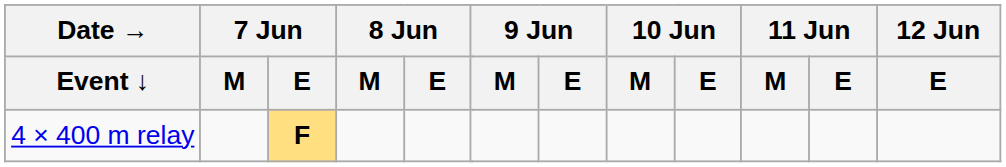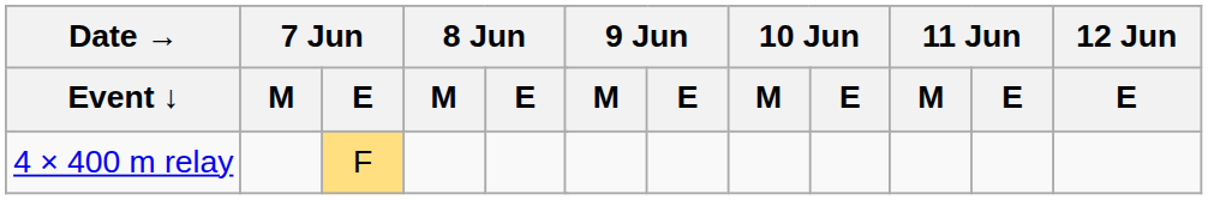 <table class="wikitable mw-datatable" style="font-size:90%; line-height:1.5em;">
 <tr align=center>
 <th>Date →</th>
 <th colspan="2" width="60px">7 Jun</th>
 <th width=60px colspan=3>8 Jun</th>
 <th width=60px colspan=3>9 Jun</th>
 <th width=60px colspan=2>10 Jun</th>
 <th width=60px colspan=2>11 Jun</th>
 <th width=60px>12 Jun</th>
 </tr>
 <tr>
 <th>Event ↓</th>
 <th width="30px">M</th>
 <th width=30px>E</th>
 <th width=30px>M</th>
 <th width=30px colspan=2>E</th>
 <th width=30px>M</th>
 <th width=30px colspan=2>E</th>
 <th width=30px>M</th>
 <th width=30px>E</th>
 <th width=30px>M</th>
 <th width=30px>E</th>
 <th width=30px>E</th>
 </tr>
 <tr align=center>
 <td align=left><a href='#'>4 × 400 m relay</a></td>
 <td></td>
-<td bgcolor="#FFDF80"><strong>F</strong></td>
+<td bgcolor="#FFDF80">F</td>
 <td></td>
 <td colspan=2></td>
 <td></td>
 <td colspan=2></td>
 <td></td>
 <td></td>
 <td></td>
 <td></td>
 <td></td>
 </tr>
 </table>
